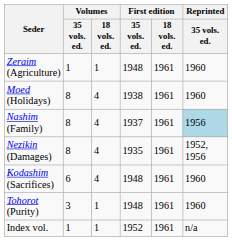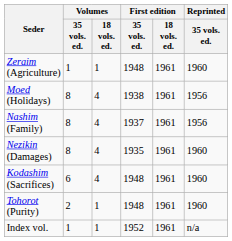 <table class="wikitable floatright" style="width: 350px;">
 <tr style="font-size: 86%;">
 <th rowspan="2">Seder</th>
 <th colspan="2">Volumes</th>
 <th colspan="2">First edition</th>
 <th>Reprinted</th>
 </tr>
 <tr style="font-size: 86%;">
 <th>35 vols. ed.</th>
 <th>18 vols. ed.</th>
 <th>35 vols. ed.</th>
 <th>18 vols. ed.</th>
 <th>35 vols. ed.</th>
 </tr>
 <tr>
 <td><em><a href='#'>Zeraim</a></em><br>(Agriculture)</td>
 <td>1</td>
 <td>1</td>
 <td>1948</td>
 <td>1961</td>
 <td>1960</td>
 </tr>
 <tr>
 <td><em><a href='#'>Moed</a></em><br>(Holidays)</td>
 <td>8</td>
 <td>4</td>
 <td>1938</td>
 <td>1961</td>
-<td>1960</td>
+<td>1956</td>
 </tr>
 <tr>
 <td><em><a href='#'>Nashim</a></em><br>(Family)</td>
 <td>8</td>
 <td>4</td>
 <td>1937</td>
 <td>1961</td>
-<td style="background: lightblue;">1956</td>
+<td>1956</td>
 </tr>
 <tr>
 <td><em><a href='#'>Nezikin</a></em><br>(Damages)</td>
 <td>8</td>
 <td>4</td>
 <td>1935</td>
 <td>1961</td>
-<td>1952, 1956</td>
+<td>1960</td>
 </tr>
 <tr>
 <td><em><a href='#'>Kodashim</a></em><br>(Sacrifices)</td>
 <td>6</td>
 <td>4</td>
 <td>1948</td>
 <td>1961</td>
 <td>1960</td>
 </tr>
 <tr>
 <td><em><a href='#'>Tohorot</a></em><br>(Purity)</td>
-<td>3</td>
+<td>2</td>
 <td>1</td>
 <td>1948</td>
 <td>1961</td>
 <td>1960</td>
 </tr>
 <tr>
 <td>Index vol.</td>
 <td>1</td>
 <td>1</td>
 <td>1952</td>
 <td>1961</td>
 <td>n/a</td>
 </tr>
 </table>
